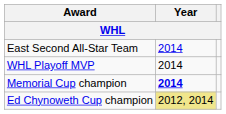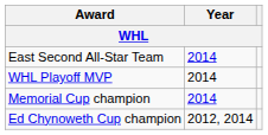 <table class="wikitable">
 <tr>
 <th>Award</th>
 <th>Year</th>
 <th></th>
 </tr>
 <tr>
 <th colspan="3"><a href='#'>WHL</a></th>
 </tr>
 <tr>
 <td>East Second All-Star Team</td>
 <td><a href='#'>2014</a></td>
 <td></td>
 </tr>
 <tr>
 <td><a href='#'>WHL Playoff MVP</a></td>
 <td>2014</td>
 <td></td>
 </tr>
 <tr>
 <td><a href='#'>Memorial Cup</a> champion</td>
-<td><strong><a href='#'>2014</a></strong></td>
+<td><a href='#'>2014</a></td>
 <td></td>
 </tr>
 <tr>
 <td><a href='#'>Ed Chynoweth Cup</a> champion</td>
-<td style="background: khaki;">2012, 2014</td>
+<td>2012, 2014</td>
 <td></td>
 </tr>
 </table>
